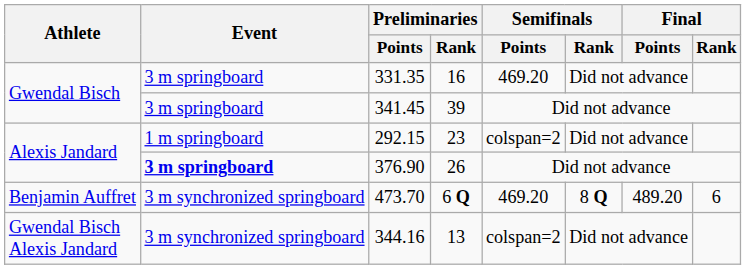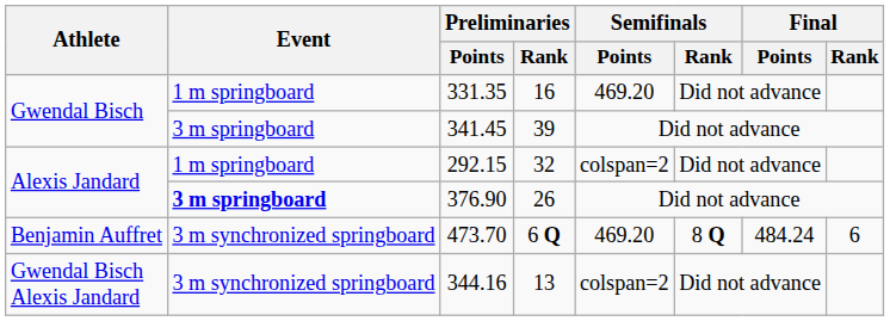 <table class="wikitable" style="text-align:center; font-size:90%">
 <tr>
 <th rowspan=2>Athlete</th>
 <th rowspan=2>Event</th>
 <th colspan=2>Preliminaries</th>
 <th colspan=2>Semifinals</th>
 <th colspan=2>Final</th>
 </tr>
 <tr style="font-size:95%">
 <th>Points</th>
 <th>Rank</th>
 <th>Points</th>
 <th>Rank</th>
 <th>Points</th>
 <th>Rank</th>
 </tr>
 <tr>
 <td align=left rowspan=2><a href='#'>Gwendal Bisch</a></td>
-<td align=left><a href='#'>3 m springboard</a></td>
+<td align=left><a href='#'>1 m springboard</a></td>
 <td>331.35</td>
 <td>16</td>
 <td>469.20</td>
 <td colspan=2>Did not advance</td>
 </tr>
 <tr>
 <td align=left><a href='#'>3 m springboard</a></td>
 <td>341.45</td>
 <td>39</td>
 <td colspan=4>Did not advance</td>
 </tr>
 <tr>
 <td align=left rowspan=2><a href='#'>Alexis Jandard</a></td>
 <td align=left><a href='#'>1 m springboard</a></td>
 <td>292.15</td>
-<td>23</td>
+<td>32</td>
 <td>colspan=2 </td>
 <td colspan=2>Did not advance</td>
 </tr>
 <tr>
 <td align=left><strong><a href='#'>3 m springboard</a></strong></td>
 <td>376.90</td>
 <td>26</td>
 <td colspan=4>Did not advance</td>
 </tr>
 <tr>
 <td align=left><a href='#'>Benjamin Auffret</a></td>
 <td align=left><a href='#'>3 m synchronized springboard</a></td>
 <td>473.70</td>
 <td>6 <strong>Q</strong></td>
 <td>469.20</td>
 <td>8 <strong>Q</strong></td>
-<td>489.20</td>
+<td>484.24</td>
 <td>6</td>
 </tr>
 <tr>
 <td align=left><a href='#'>Gwendal Bisch</a><br><a href='#'>Alexis Jandard</a></td>
 <td align=left><a href='#'>3 m synchronized springboard</a></td>
 <td>344.16</td>
 <td>13</td>
 <td>colspan=2 </td>
 <td colspan=2>Did not advance</td>
 </tr>
 </table>
